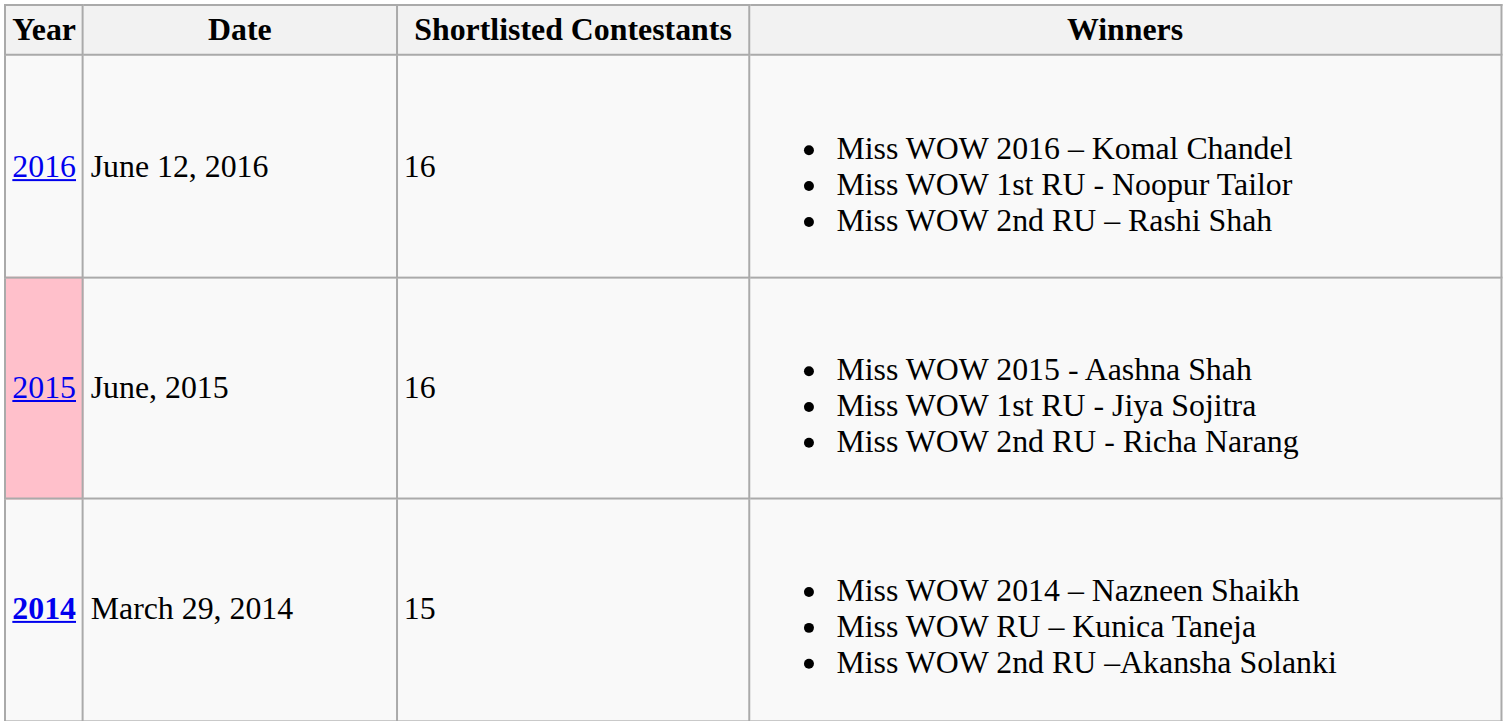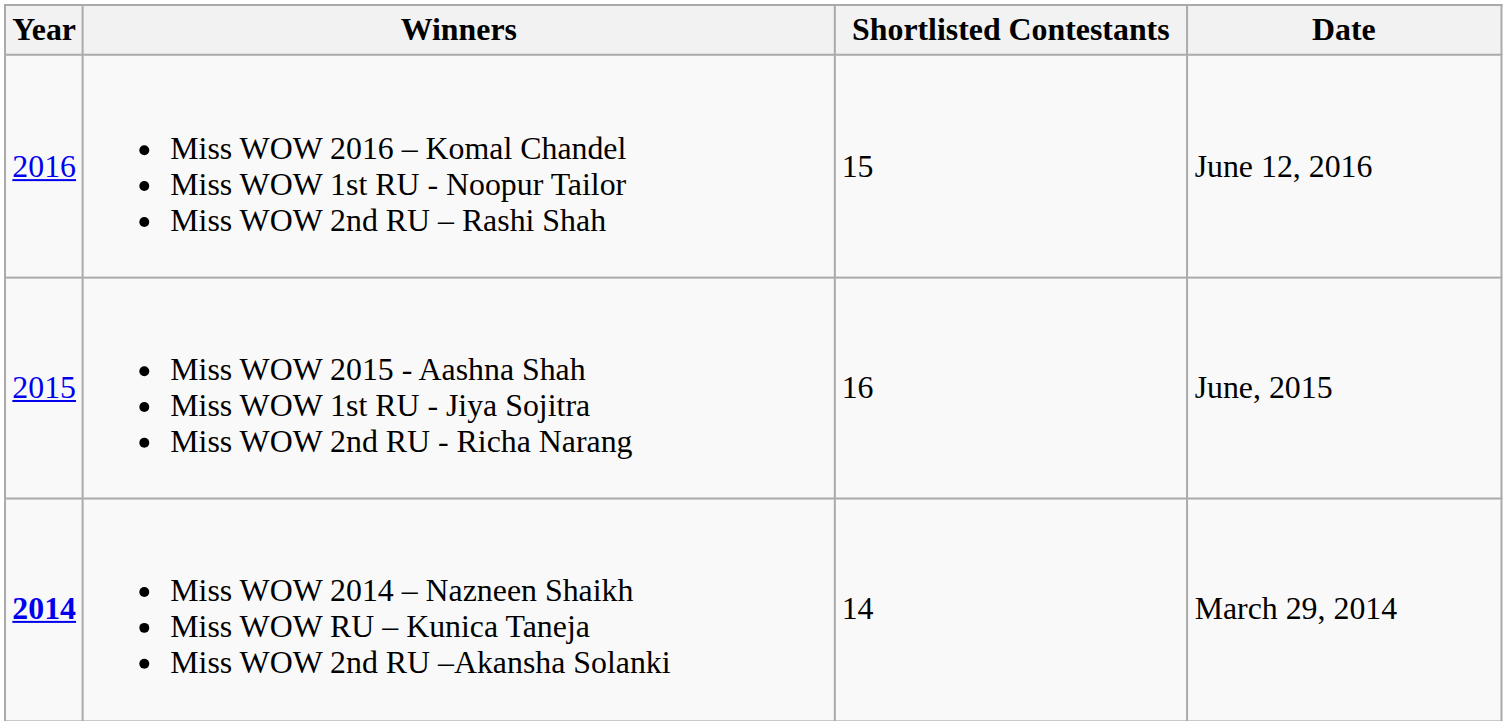 <table class="wikitable ">
 <tr>
 <th>Year</th>
+<th width=370>Winners</th>
+<th width=170>Shortlisted Contestants</th>
 <th width=150>Date</th>
-<th width=170>Shortlisted Contestants</th>
-<th width=370>Winners</th>
 </tr>
 <tr>
 <td><a href='#'>2016</a></td>
+<td><br><ul><li>Miss WOW 2016 – Komal Chandel</li><li>Miss WOW 1st RU  - Noopur Tailor</li><li>Miss WOW 2nd RU – Rashi Shah</li></ul></td>
+<td>15</td>
 <td>June 12, 2016</td>
-<td>16</td>
-<td><br><ul><li>Miss WOW 2016 – Komal Chandel</li><li>Miss WOW 1st RU  - Noopur Tailor</li><li>Miss WOW 2nd RU – Rashi Shah</li></ul></td>
 </tr>
 <tr>
-<td style="background: pink;"><a href='#'>2015</a></td>
+<td><a href='#'>2015</a></td>
+<td><br><ul><li>Miss WOW 2015 - Aashna Shah</li><li>Miss WOW 1st RU - Jiya Sojitra</li><li>Miss WOW 2nd RU - Richa Narang</li></ul></td>
+<td>16</td>
 <td>June, 2015</td>
-<td>16</td>
-<td><br><ul><li>Miss WOW 2015 - Aashna Shah</li><li>Miss WOW 1st RU - Jiya Sojitra</li><li>Miss WOW 2nd RU - Richa Narang</li></ul></td>
 </tr>
 <tr>
 <td><strong><a href='#'>2014</a></strong></td>
+<td><br><ul><li>Miss WOW 2014 – Nazneen Shaikh</li><li>Miss WOW RU – Kunica Taneja</li><li>Miss WOW 2nd RU –Akansha Solanki</li></ul></td>
+<td>14</td>
 <td>March 29, 2014</td>
-<td>15</td>
-<td><br><ul><li>Miss WOW 2014 – Nazneen Shaikh</li><li>Miss WOW RU – Kunica Taneja</li><li>Miss WOW 2nd RU –Akansha Solanki</li></ul></td>
 </tr>
 </table>
